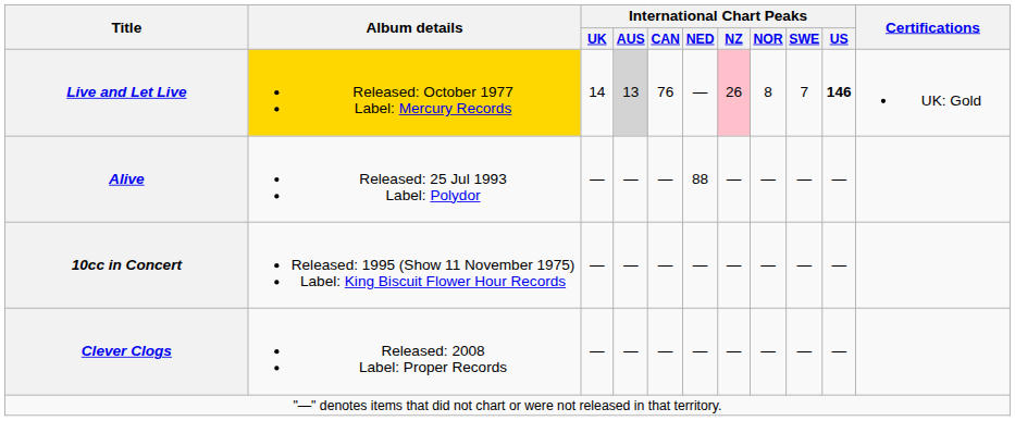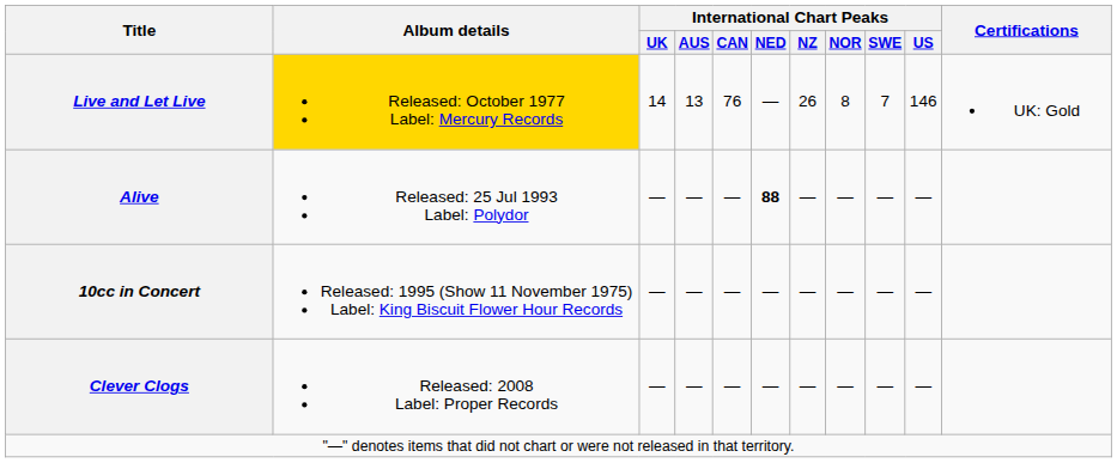 <table class="wikitable plainrowheaders" style="text-align:center;">
 <tr>
 <th scope="col" rowspan="2" style="width:16em;">Title</th>
 <th scope="col" rowspan="2" style="width:22em;">Album details</th>
 <th scope="col" colspan="8">International Chart Peaks</th>
 <th rowspan="2" style="width:10em;"><a href='#'>Certifications</a></th>
 </tr>
 <tr>
 <th style="width:2em;font-size:90%;"><a href='#'>UK</a><br></th>
 <th style="width:2em;font-size:90%;"><a href='#'>AUS</a><br></th>
 <th style="width:2em;font-size:90%;"><a href='#'>CAN</a><br></th>
 <th style="width:2em;font-size:90%;"><a href='#'>NED</a><br></th>
 <th style="width:2em;font-size:90%;"><a href='#'>NZ</a><br></th>
 <th style="width:2em;font-size:90%;"><a href='#'>NOR</a><br></th>
 <th style="width:2em;font-size:90%;"><a href='#'>SWE</a><br></th>
 <th style="width:2em;font-size:90%;"><a href='#'>US</a><br></th>
 </tr>
 <tr>
 <th scope="row"><em><a href='#'>Live and Let Live</a></em></th>
 <td style="background: gold;"><br><ul><li>Released: October 1977</li><li>Label: <a href='#'>Mercury Records</a></li></ul></td>
 <td>14</td>
-<td style="background: lightgrey;">13</td>
+<td>13</td>
 <td>76</td>
 <td>—</td>
-<td style="background: pink;">26</td>
+<td>26</td>
 <td>8</td>
 <td>7</td>
-<td><strong>146</strong></td>
+<td>146</td>
 <td><br><ul><li>UK: Gold</li></ul></td>
 </tr>
 <tr>
 <th scope="row"><em><a href='#'>Alive</a></em></th>
 <td><br><ul><li>Released: 25 Jul 1993</li><li>Label: <a href='#'>Polydor</a></li></ul></td>
 <td>—</td>
 <td>—</td>
 <td>—</td>
-<td>88</td>
+<td><strong>88</strong></td>
 <td>—</td>
 <td>—</td>
 <td>—</td>
 <td>—</td>
 <td></td>
 </tr>
 <tr>
 <th scope="row"><em>10cc in Concert</em></th>
 <td><br><ul><li>Released: 1995 (Show 11 November 1975)</li><li>Label: <a href='#'>King Biscuit Flower Hour Records</a></li></ul></td>
 <td>—</td>
 <td>—</td>
 <td>—</td>
 <td>—</td>
 <td>—</td>
 <td>—</td>
 <td>—</td>
 <td>—</td>
 <td></td>
 </tr>
 <tr>
 <th scope="row"><em><a href='#'>Clever Clogs</a></em></th>
 <td><br><ul><li>Released: 2008</li><li>Label: Proper Records</li></ul></td>
 <td>—</td>
 <td>—</td>
 <td>—</td>
 <td>—</td>
 <td>—</td>
 <td>—</td>
 <td>—</td>
 <td>—</td>
 <td></td>
 </tr>
 <tr>
 <td align="center" colspan="15" style="font-size:90%">"—" denotes items that did not chart or were not released in that territory.</td>
 </tr>
 </table>
